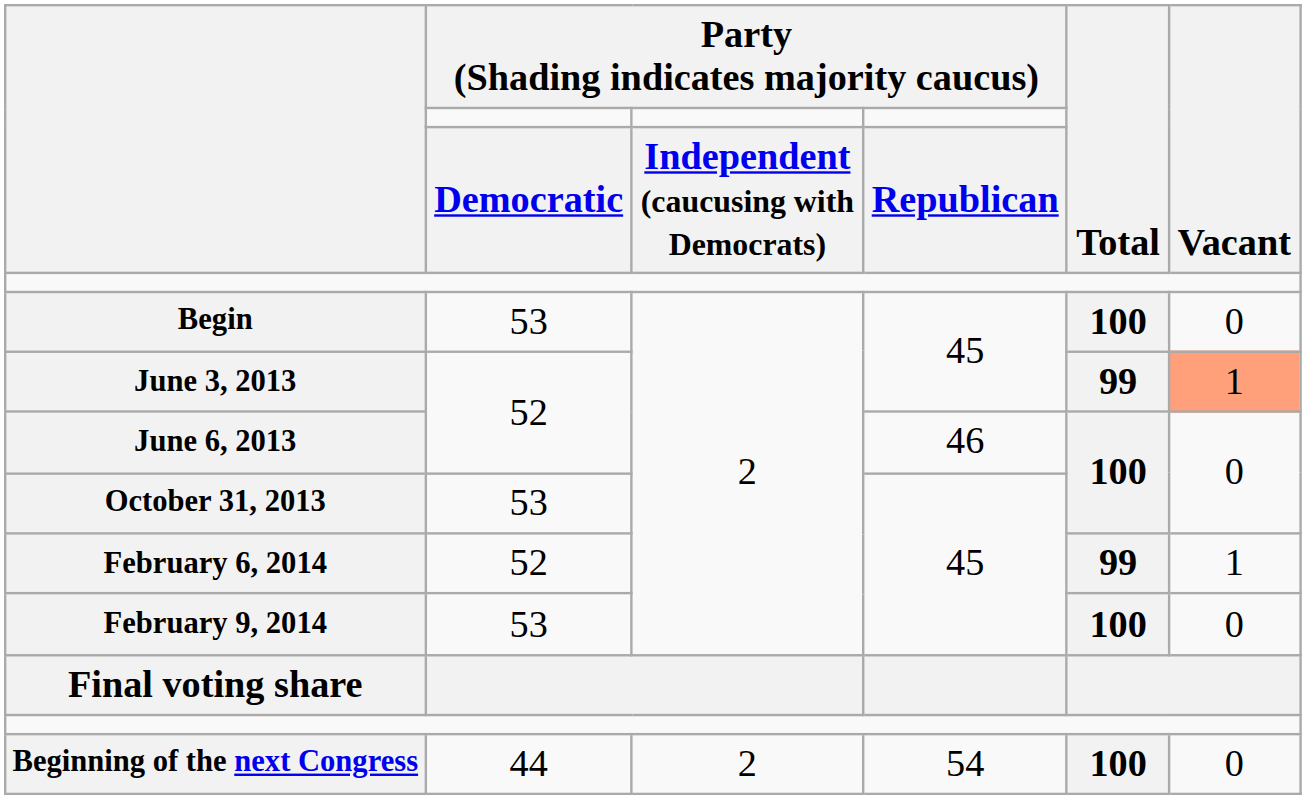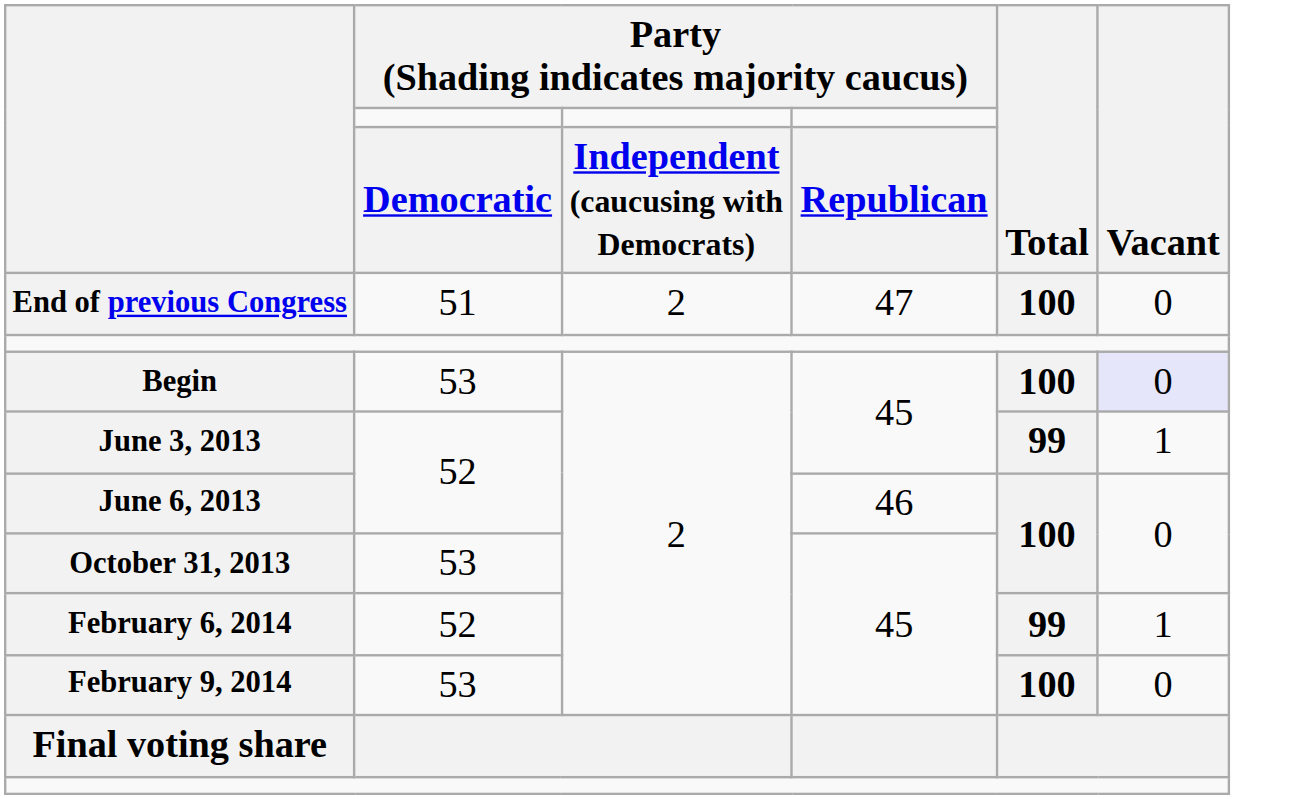 <table class=wikitable style="text-align:center">
 <tr style="vertical-align:bottom;">
 <th rowspan=3></th>
 <th colspan=3>Party <div>(Shading indicates majority caucus)</div></th>
 <th rowspan=3>Total</th>
 <th rowspan=3>Vacant</th>
 </tr>
 <tr style="height:5px">
 <td style="background-color:"></td>
 <td style="background-color:"></td>
 <td style="background-color:"></td>
 </tr>
 <tr>
 <th><a href='#'>Democratic</a></th>
 <th><a href='#'>Independent</a><br><small>(caucusing with<br>Democrats)</small></th>
 <th><a href='#'>Republican</a></th>
 </tr>
 <tr>
+<th style="white-space:nowrap; font-size:80%;">End of <a href='#'>previous Congress</a></th>
+<td>51</td>
+<td>2</td>
+<td>47</td>
+<th>100</th>
+<td>0</td>
+</tr>
+<tr>
 <td colspan=6></td>
 </tr>
 <tr>
 <th style="font-size:80%">Begin</th>
 <td>53</td>
 <td rowspan=6 >2</td>
 <td rowspan=2>45</td>
 <th>100</th>
-<td>0</td>
+<td style="background: lavender;">0</td>
 </tr>
 <tr>
 <th style="font-size:80%">June 3, 2013</th>
 <td rowspan=2 >52</td>
 <th>99</th>
-<td style="background: lightsalmon;">1</td>
+<td>1</td>
 </tr>
 <tr>
 <th style="font-size:80%">June 6, 2013</th>
 <td>46</td>
 <th rowspan=2>100</th>
 <td rowspan=2>0</td>
 </tr>
 <tr>
 <th style="font-size:80%">October 31, 2013</th>
 <td>53</td>
 <td rowspan=3>45</td>
 </tr>
 <tr>
 <th style="font-size:80%">February 6, 2014</th>
 <td>52</td>
 <th>99</th>
 <td>1</td>
 </tr>
 <tr>
 <th style="font-size:80%">February 9, 2014</th>
 <td>53</td>
 <th>100</th>
 <td>0</td>
 </tr>
 <tr>
 <th>Final voting share</th>
 <th colspan=2 ></th>
 <th></th>
 <th colspan=2></th>
 </tr>
 <tr>
 <td colspan=6></td>
 </tr>
-<tr>
-<th style="white-space:nowrap; font-size:80%;">Beginning of the <a href='#'>next Congress</a></th>
-<td>44</td>
-<td>2</td>
-<td>54</td>
-<th>100</th>
-<td>0</td>
-</tr>
 </table>
